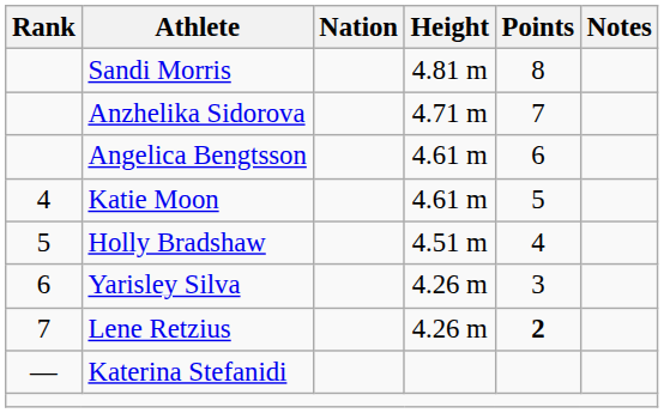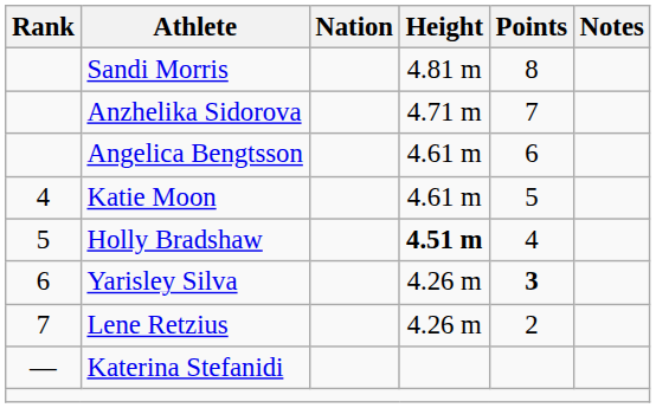 <table class="wikitable sortable" style="text-align:center;">
 <tr>
 <th scope="col" style="width: 10px;">Rank</th>
 <th scope="col">Athlete</th>
 <th scope="col">Nation</th>
 <th scope="col">Height</th>
 <th scope="col">Points</th>
 <th scope="col">Notes</th>
 </tr>
 <tr>
 <td></td>
 <td align=left><a href='#'>Sandi Morris</a></td>
 <td align=left></td>
 <td>4.81 m</td>
 <td>8</td>
 <td></td>
 </tr>
 <tr>
 <td></td>
 <td align=left><a href='#'>Anzhelika Sidorova</a></td>
 <td align=left></td>
 <td>4.71 m</td>
 <td>7</td>
 <td></td>
 </tr>
 <tr>
 <td></td>
 <td align=left><a href='#'>Angelica Bengtsson</a></td>
 <td align=left></td>
 <td>4.61 m</td>
 <td>6</td>
 <td></td>
 </tr>
 <tr>
 <td>4</td>
 <td align=left><a href='#'>Katie Moon</a></td>
 <td align=left></td>
 <td>4.61 m</td>
 <td>5</td>
 <td></td>
 </tr>
 <tr>
 <td>5</td>
 <td align=left><a href='#'>Holly Bradshaw</a></td>
 <td align=left></td>
-<td>4.51 m</td>
+<td><strong>4.51 m</strong></td>
 <td>4</td>
 <td></td>
 </tr>
 <tr>
 <td>6</td>
 <td align=left><a href='#'>Yarisley Silva</a></td>
 <td align=left></td>
 <td>4.26 m</td>
-<td>3</td>
+<td><strong>3</strong></td>
 <td></td>
 </tr>
 <tr>
 <td>7</td>
 <td align=left><a href='#'>Lene Retzius</a></td>
 <td align=left></td>
 <td>4.26 m</td>
-<td><strong>2</strong></td>
+<td>2</td>
 <td></td>
 </tr>
 <tr>
 <td>—</td>
 <td align=left><a href='#'>Katerina Stefanidi</a></td>
 <td align=left></td>
 <td></td>
 <td></td>
 <td></td>
 </tr>
 <tr class="sortbottom">
 <td colspan="6"></td>
 </tr>
 </table>
